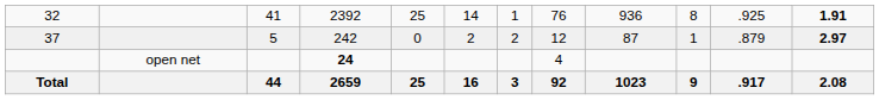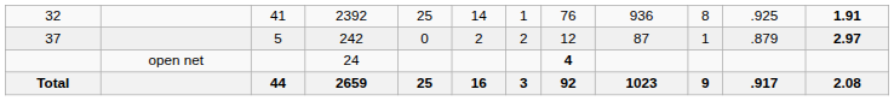 <table class="wikitable sortable" width ="1000">
 <tr align="center" bgcolor="">
 <td>32</td>
 <td></td>
 <td>41</td>
 <td>2392</td>
 <td>25</td>
 <td>14</td>
 <td>1</td>
 <td>76</td>
 <td>936</td>
 <td>8</td>
 <td>.925</td>
 <td><strong>1.91</strong></td>
 </tr>
 <tr align="center" bgcolor="#f0f0f0">
 <td>37</td>
 <td></td>
 <td>5</td>
 <td>242</td>
 <td>0</td>
 <td>2</td>
 <td>2</td>
 <td>12</td>
 <td>87</td>
 <td>1</td>
 <td>.879</td>
 <td><strong>2.97</strong></td>
 </tr>
 <tr align="center" bgcolor="">
 <td></td>
 <td>open net</td>
 <td></td>
-<td><strong>24</strong></td>
+<td>24</td>
 <td></td>
 <td></td>
 <td></td>
-<td>4</td>
+<td><strong>4</strong></td>
 <td></td>
 <td></td>
 <td></td>
 <td></td>
 </tr>
 <tr>
 <th>Total</th>
 <th></th>
 <th>44</th>
 <th>2659</th>
 <th>25</th>
 <th>16</th>
 <th>3</th>
 <th>92</th>
 <th>1023</th>
 <th>9</th>
 <th>.917</th>
 <th>2.08</th>
 </tr>
 </table>
